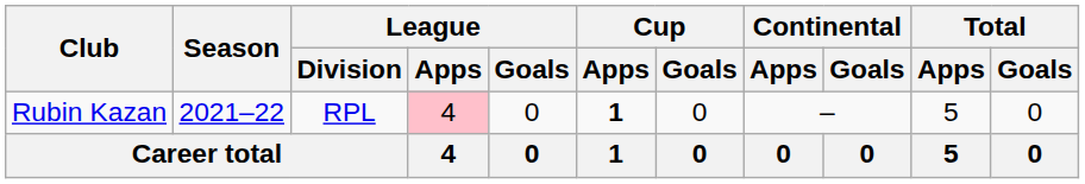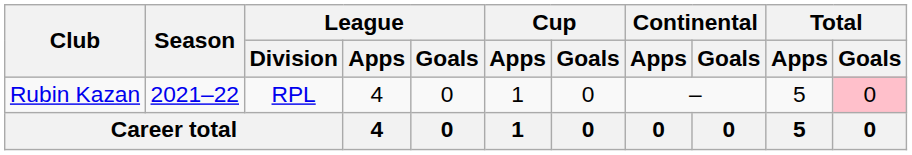 <table class="wikitable" style="text-align: center;">
 <tr>
 <th rowspan=2>Club</th>
 <th rowspan=2>Season</th>
 <th colspan=3>League</th>
 <th colspan=2>Cup</th>
 <th colspan=2>Continental</th>
 <th colspan=2>Total</th>
 </tr>
 <tr>
 <th>Division</th>
 <th>Apps</th>
 <th>Goals</th>
 <th>Apps</th>
 <th>Goals</th>
 <th>Apps</th>
 <th>Goals</th>
 <th>Apps</th>
 <th>Goals</th>
 </tr>
 <tr>
 <td><a href='#'>Rubin Kazan</a></td>
 <td><a href='#'>2021–22</a></td>
 <td><a href='#'>RPL</a></td>
-<td style="background: pink;">4</td>
+<td>4</td>
 <td>0</td>
-<td><strong>1</strong></td>
+<td>1</td>
 <td>0</td>
 <td colspan=2>–</td>
 <td>5</td>
-<td>0</td>
+<td style="background: pink;">0</td>
 </tr>
 <tr>
 <th colspan=3>Career total</th>
 <th>4</th>
 <th>0</th>
 <th>1</th>
 <th>0</th>
 <th>0</th>
 <th>0</th>
 <th>5</th>
 <th>0</th>
 </tr>
 </table>
